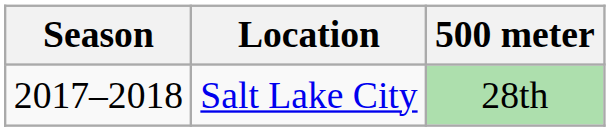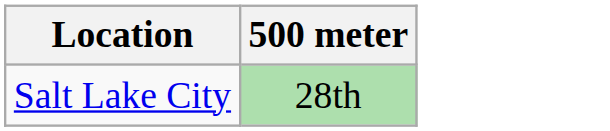 <table class="wikitable" style="display: inline-table;">
 <tr>
-<th>Season</th>
 <th>Location</th>
 <th colspan="1">500 meter</th>
 </tr>
 <tr style="text-align:center">
-<td>2017–2018</td>
 <td align=left> <a href='#'>Salt Lake City</a></td>
 <td style="background:#addfad;">28th</td>
 </tr>
 </table>
